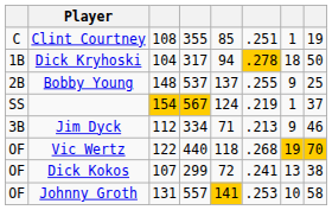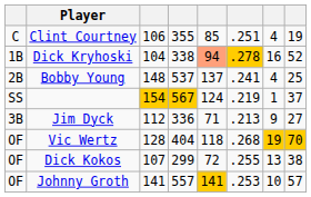 <table class="wikitable sortable">
 <tr>
 <th>  </th>
 <th>Player</th>
 <th></th>
 <th><small></small></th>
 <th></th>
 <th></th>
 <th></th>
 <th></th>
 </tr>
 <tr align="center">
 <td>C</td>
 <td><a href='#'>Clint Courtney</a></td>
-<td>108</td>
+<td>106</td>
 <td>355</td>
 <td>85</td>
 <td>.251</td>
-<td>1</td>
+<td>4</td>
 <td>19</td>
 </tr>
 <tr align=center>
 <td>1B</td>
 <td><a href='#'>Dick Kryhoski</a></td>
 <td>104</td>
-<td>317</td>
-<td>94</td>
+<td>338</td>
+<td style="background: lightsalmon;">94</td>
 <td style="background:#fc0;">.278</td>
-<td>18</td>
-<td>50</td>
+<td>16</td>
+<td>52</td>
 </tr>
 <tr align=center>
 <td>2B</td>
 <td><a href='#'>Bobby Young</a></td>
 <td>148</td>
 <td>537</td>
 <td>137</td>
-<td>.255</td>
-<td>9</td>
+<td>.241</td>
+<td>4</td>
 <td>25</td>
 </tr>
 <tr align=center>
 <td>SS</td>
 <td></td>
 <td style="background:#fc0;">154</td>
 <td style="background:#fc0;">567</td>
 <td>124</td>
 <td>.219</td>
 <td>1</td>
 <td>37</td>
 </tr>
 <tr align="center">
 <td>3B</td>
 <td><a href='#'>Jim Dyck</a></td>
 <td>112</td>
-<td>334</td>
+<td>336</td>
 <td>71</td>
 <td>.213</td>
 <td>9</td>
-<td>46</td>
+<td>27</td>
 </tr>
 <tr align=center>
 <td>OF</td>
 <td><a href='#'>Vic Wertz</a></td>
-<td>122</td>
-<td>440</td>
+<td>128</td>
+<td>404</td>
 <td>118</td>
 <td>.268</td>
 <td style="background:#fc0;">19</td>
 <td style="background:#fc0;">70</td>
 </tr>
 <tr align=center>
 <td>OF</td>
 <td><a href='#'>Dick Kokos</a></td>
 <td>107</td>
 <td>299</td>
 <td>72</td>
-<td>.241</td>
+<td>.255</td>
 <td>13</td>
 <td>38</td>
 </tr>
 <tr align=center>
 <td>OF</td>
 <td><a href='#'>Johnny Groth</a></td>
-<td>131</td>
+<td>141</td>
 <td>557</td>
 <td style="background:#fc0;">141</td>
 <td>.253</td>
 <td>10</td>
-<td>58</td>
+<td>57</td>
 </tr>
 </table>
